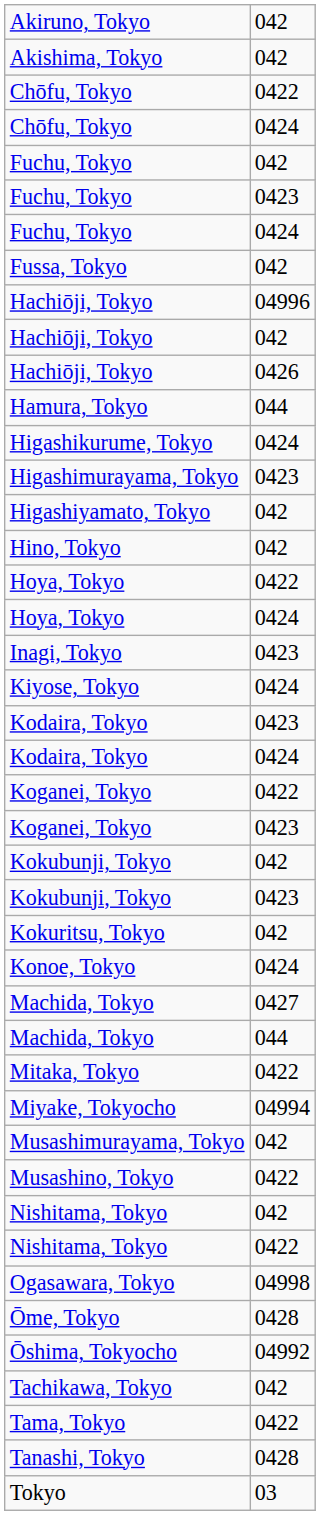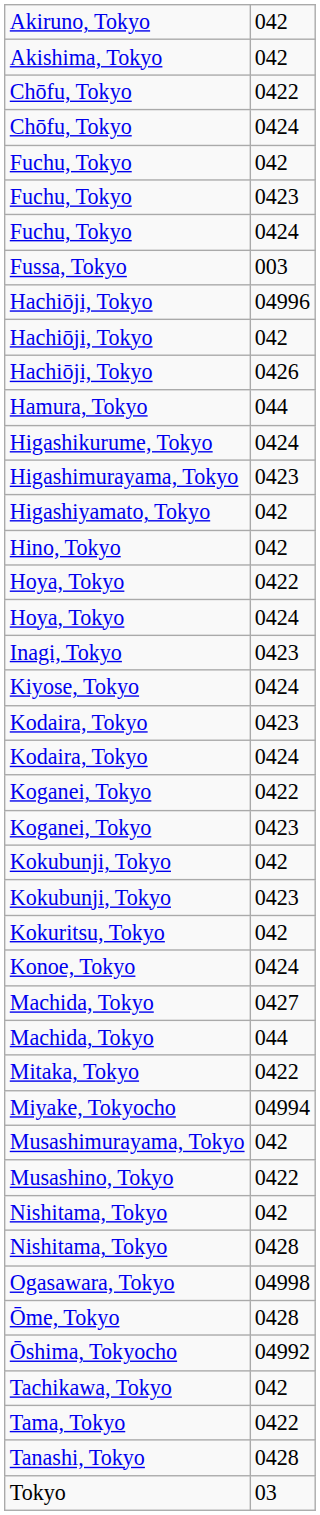 <table class="wikitable">
 <tr>
 <td><a href='#'>Akiruno, Tokyo</a></td>
 <td>042</td>
 </tr>
 <tr>
 <td><a href='#'>Akishima, Tokyo</a></td>
 <td>042</td>
 </tr>
 <tr>
 <td><a href='#'>Chōfu, Tokyo</a></td>
 <td>0422</td>
 </tr>
 <tr>
 <td><a href='#'>Chōfu, Tokyo</a></td>
 <td>0424</td>
 </tr>
 <tr>
 <td><a href='#'>Fuchu, Tokyo</a></td>
 <td>042</td>
 </tr>
 <tr>
 <td><a href='#'>Fuchu, Tokyo</a></td>
 <td>0423</td>
 </tr>
 <tr>
 <td><a href='#'>Fuchu, Tokyo</a></td>
 <td>0424</td>
 </tr>
 <tr>
 <td><a href='#'>Fussa, Tokyo</a></td>
-<td>042</td>
+<td>003</td>
 </tr>
 <tr>
 <td><a href='#'>Hachiōji, Tokyo</a></td>
 <td>04996</td>
 </tr>
 <tr>
 <td><a href='#'>Hachiōji, Tokyo</a></td>
 <td>042</td>
 </tr>
 <tr>
 <td><a href='#'>Hachiōji, Tokyo</a></td>
 <td>0426</td>
 </tr>
 <tr>
 <td><a href='#'>Hamura, Tokyo</a></td>
 <td>044</td>
 </tr>
 <tr>
 <td><a href='#'>Higashikurume, Tokyo</a></td>
 <td>0424</td>
 </tr>
 <tr>
 <td><a href='#'>Higashimurayama, Tokyo</a></td>
 <td>0423</td>
 </tr>
 <tr>
 <td><a href='#'>Higashiyamato, Tokyo</a></td>
 <td>042</td>
 </tr>
 <tr>
 <td><a href='#'>Hino, Tokyo</a></td>
 <td>042</td>
 </tr>
 <tr>
 <td><a href='#'>Hoya, Tokyo</a></td>
 <td>0422</td>
 </tr>
 <tr>
 <td><a href='#'>Hoya, Tokyo</a></td>
 <td>0424</td>
 </tr>
 <tr>
 <td><a href='#'>Inagi, Tokyo</a></td>
 <td>0423</td>
 </tr>
 <tr>
 <td><a href='#'>Kiyose, Tokyo</a></td>
 <td>0424</td>
 </tr>
 <tr>
 <td><a href='#'>Kodaira, Tokyo</a></td>
 <td>0423</td>
 </tr>
 <tr>
 <td><a href='#'>Kodaira, Tokyo</a></td>
 <td>0424</td>
 </tr>
 <tr>
 <td><a href='#'>Koganei, Tokyo</a></td>
 <td>0422</td>
 </tr>
 <tr>
 <td><a href='#'>Koganei, Tokyo</a></td>
 <td>0423</td>
 </tr>
 <tr>
 <td><a href='#'>Kokubunji, Tokyo</a></td>
 <td>042</td>
 </tr>
 <tr>
 <td><a href='#'>Kokubunji, Tokyo</a></td>
 <td>0423</td>
 </tr>
 <tr>
 <td><a href='#'>Kokuritsu, Tokyo</a></td>
 <td>042</td>
 </tr>
 <tr>
 <td><a href='#'>Konoe, Tokyo</a></td>
 <td>0424</td>
 </tr>
 <tr>
 <td><a href='#'>Machida, Tokyo</a></td>
 <td>0427</td>
 </tr>
 <tr>
 <td><a href='#'>Machida, Tokyo</a></td>
 <td>044</td>
 </tr>
 <tr>
 <td><a href='#'>Mitaka, Tokyo</a></td>
 <td>0422</td>
 </tr>
 <tr>
 <td><a href='#'>Miyake, Tokyocho</a></td>
 <td>04994</td>
 </tr>
 <tr>
 <td><a href='#'>Musashimurayama, Tokyo</a></td>
 <td>042</td>
 </tr>
 <tr>
 <td><a href='#'>Musashino, Tokyo</a></td>
 <td>0422</td>
 </tr>
 <tr>
 <td><a href='#'>Nishitama, Tokyo</a></td>
 <td>042</td>
 </tr>
 <tr>
 <td><a href='#'>Nishitama, Tokyo</a></td>
-<td>0422</td>
+<td>0428</td>
 </tr>
 <tr>
 <td><a href='#'>Ogasawara, Tokyo</a></td>
 <td>04998</td>
 </tr>
 <tr>
 <td><a href='#'>Ōme, Tokyo</a></td>
 <td>0428</td>
 </tr>
 <tr>
 <td><a href='#'>Ōshima, Tokyocho</a></td>
 <td>04992</td>
 </tr>
 <tr>
 <td><a href='#'>Tachikawa, Tokyo</a></td>
 <td>042</td>
 </tr>
 <tr>
 <td><a href='#'>Tama, Tokyo</a></td>
 <td>0422</td>
 </tr>
 <tr>
 <td><a href='#'>Tanashi, Tokyo</a></td>
 <td>0428</td>
 </tr>
 <tr>
 <td>Tokyo</td>
 <td>03</td>
 </tr>
 </table>
